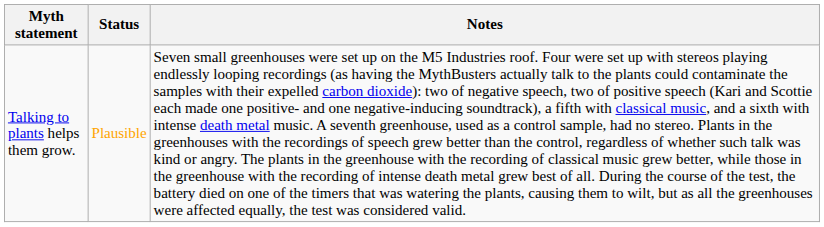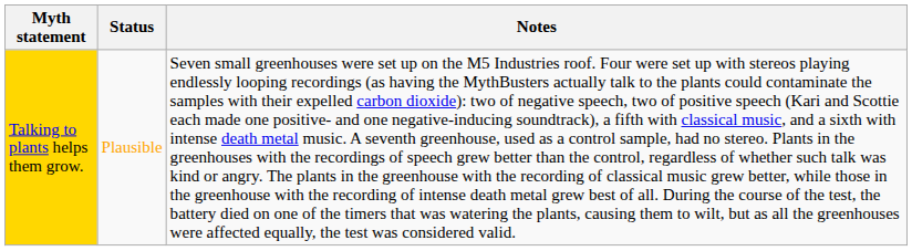 <table class="wikitable plainrowheaders">
 <tr>
 <th>Myth statement</th>
 <th>Status</th>
 <th>Notes</th>
 </tr>
 <tr>
-<td><a href='#'>Talking to plants</a> helps them grow.</td>
+<td style="background: gold;"><a href='#'>Talking to plants</a> helps them grow.</td>
 <td style="color:orange">Plausible</td>
 <td>Seven small greenhouses were set up on the M5 Industries roof. Four were set up with stereos playing endlessly looping recordings (as having the MythBusters actually talk to the plants could contaminate the samples with their expelled <a href='#'>carbon dioxide</a>): two of negative speech, two of positive speech (Kari and Scottie each made one positive- and one negative-inducing soundtrack), a fifth with <a href='#'>classical music</a>, and a sixth with intense <a href='#'>death metal</a> music. A seventh greenhouse, used as a control sample, had no stereo.  Plants in the greenhouses with the recordings of speech grew better than the control, regardless of whether such talk was kind or angry. The plants in the greenhouse with the recording of classical music grew better, while those in the greenhouse with the recording of intense death metal grew best of all. During the course of the test, the battery died on one of the timers that was watering the plants, causing them to wilt, but as all the greenhouses were affected equally, the test was considered valid.</td>
 </tr>
 </table>
